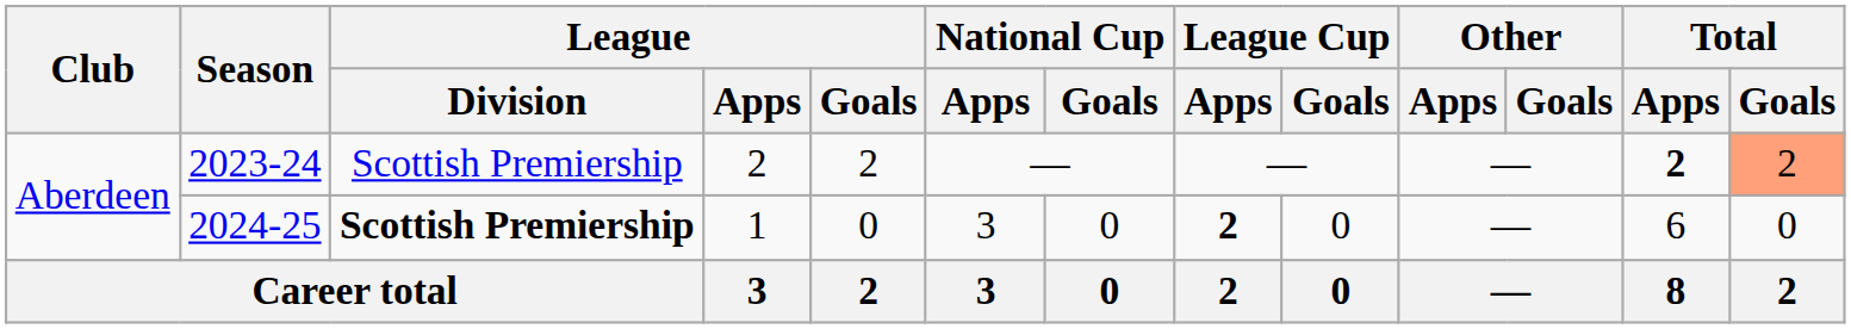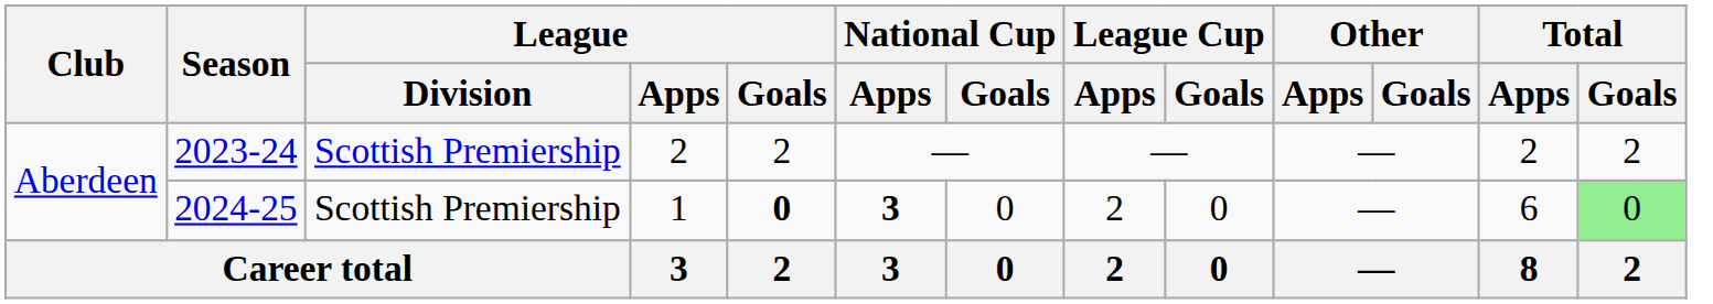 <table class="wikitable" style="text-align:center">
 <tr>
 <th rowspan="2">Club</th>
 <th rowspan="2">Season</th>
 <th colspan="3">League</th>
 <th colspan="2">National Cup</th>
 <th colspan="2">League Cup</th>
 <th colspan="2">Other</th>
 <th colspan="2">Total</th>
 </tr>
 <tr>
 <th>Division</th>
 <th>Apps</th>
 <th>Goals</th>
 <th>Apps</th>
 <th>Goals</th>
 <th>Apps</th>
 <th>Goals</th>
 <th>Apps</th>
 <th>Goals</th>
 <th>Apps</th>
 <th>Goals</th>
 </tr>
 <tr>
 <td rowspan="2"><a href='#'>Aberdeen</a></td>
 <td><a href='#'>2023-24</a></td>
 <td><a href='#'>Scottish Premiership</a></td>
 <td>2</td>
 <td>2</td>
 <td colspan="2">—</td>
 <td colspan="2">—</td>
 <td colspan="2">—</td>
-<td><strong>2</strong></td>
-<td style="background: lightsalmon;">2</td>
+<td>2</td>
+<td>2</td>
 </tr>
 <tr>
 <td><a href='#'>2024-25</a></td>
-<td><strong>Scottish Premiership</strong></td>
+<td>Scottish Premiership</td>
 <td>1</td>
+<td><strong>0</strong></td>
+<td><strong>3</strong></td>
 <td>0</td>
-<td>3</td>
-<td>0</td>
-<td><strong>2</strong></td>
+<td>2</td>
 <td>0</td>
 <td colspan="2">—</td>
 <td>6</td>
-<td>0</td>
+<td style="background: lightgreen;">0</td>
 </tr>
 <tr>
 <th colspan="3">Career total</th>
 <th>3</th>
 <th>2</th>
 <th>3</th>
 <th>0</th>
 <th>2</th>
 <th>0</th>
 <th colspan="2">—</th>
 <th>8</th>
 <th>2</th>
 </tr>
 </table>
